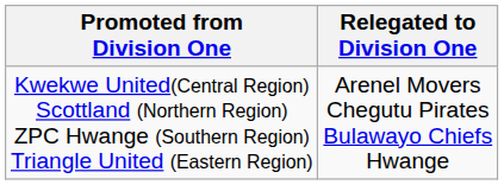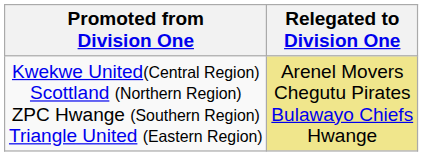 <table class="wikitable">
 <tr>
 <th> Promoted from<br><a href='#'>Division One</a></th>
 <th> Relegated to<br><a href='#'>Division One</a></th>
 </tr>
 <tr>
 <td align="center"><a href='#'>Kwekwe United</a><small>(Central Region)</small> <br> <a href='#'>Scottland</a> <small>(Northern Region)</small> <br> ZPC Hwange  <small>(Southern Region)</small> <br> <a href='#'>Triangle United</a> <small>(Eastern Region)</small></td>
-<td align="center">Arenel Movers <br> Chegutu Pirates <br> <a href='#'>Bulawayo Chiefs</a> <br> Hwange</td>
+<td align="center" style="background: khaki;">Arenel Movers <br> Chegutu Pirates <br> <a href='#'>Bulawayo Chiefs</a> <br> Hwange</td>
 </tr>
 </table>
